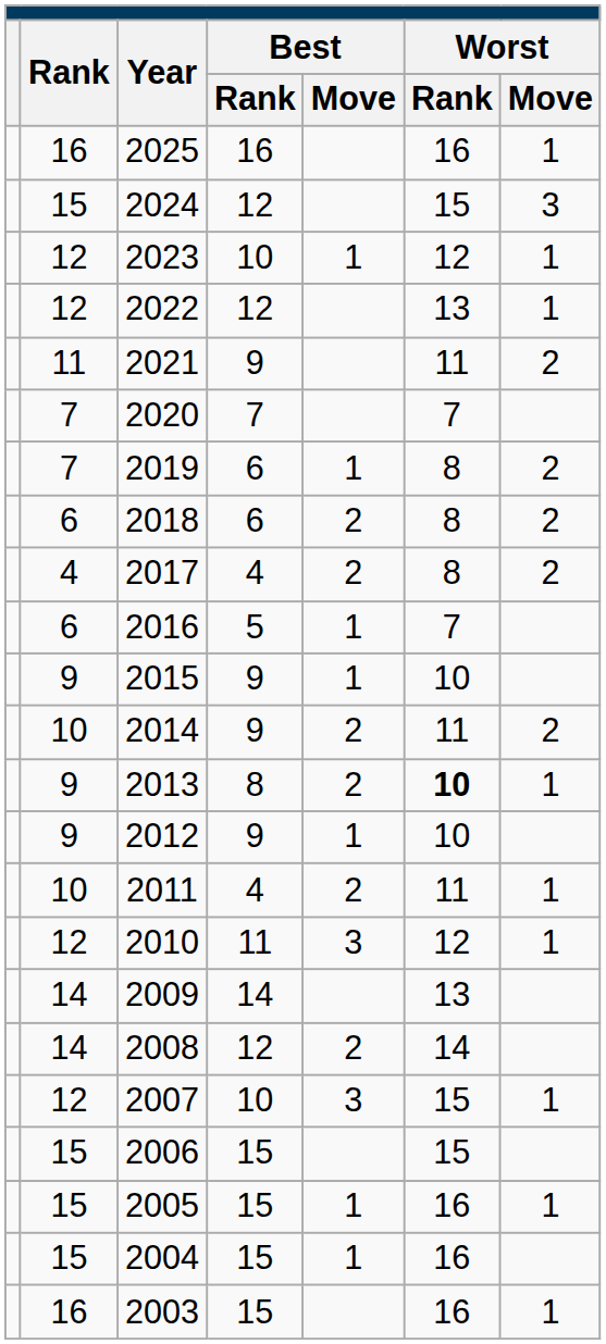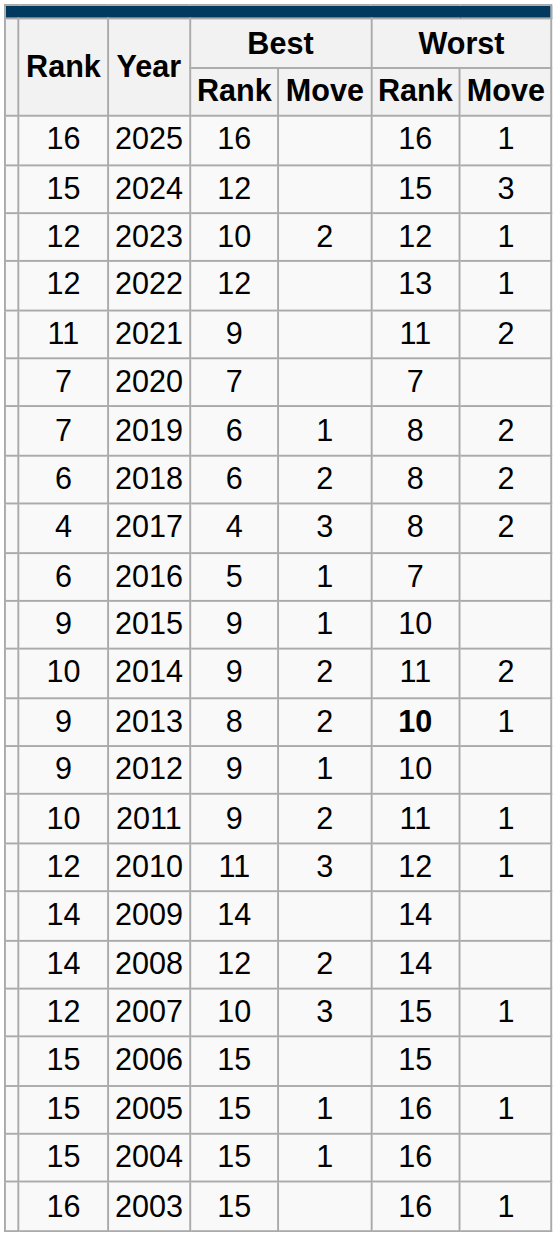 <table class="wikitable sortable" style="text-align:center;">
 <tr>
 <th colspan=12 style="background: #013A5E; color: #FFFFFF;"><a href='#'></a></th>
 </tr>
 <tr>
 <th rowspan=2></th>
 <th rowspan=2>Rank</th>
 <th rowspan=2>Year</th>
 <th colspan=2>Best</th>
 <th colspan=2>Worst</th>
 </tr>
 <tr>
 <th>Rank</th>
 <th>Move</th>
 <th>Rank</th>
 <th>Move</th>
 </tr>
 <tr>
 <td></td>
 <td>16</td>
 <td>2025</td>
 <td>16</td>
 <td align=centre></td>
 <td>16</td>
 <td align=centre> 1</td>
 </tr>
 <tr>
 <td></td>
 <td>15</td>
 <td>2024</td>
 <td>12</td>
 <td align=centre></td>
 <td>15</td>
 <td align=centre> 3</td>
 </tr>
 <tr>
 <td></td>
 <td>12</td>
 <td>2023</td>
 <td>10</td>
-<td align=centre> 1</td>
+<td align=centre> 2</td>
 <td>12</td>
 <td align="centre"> 1</td>
 </tr>
 <tr>
 <td></td>
 <td>12</td>
 <td>2022</td>
 <td>12</td>
 <td align=centre></td>
 <td>13</td>
 <td align="centre"> 1</td>
 </tr>
 <tr>
 <td></td>
 <td>11</td>
 <td>2021</td>
 <td>9</td>
 <td align=centre></td>
 <td>11</td>
 <td align=centre> 2</td>
 </tr>
 <tr>
 <td></td>
 <td>7</td>
 <td>2020</td>
 <td>7</td>
 <td align=centre></td>
 <td>7</td>
 <td align=centre></td>
 </tr>
 <tr>
 <td></td>
 <td>7</td>
 <td>2019</td>
 <td>6</td>
 <td align=centre> 1</td>
 <td>8</td>
 <td align=centre> 2</td>
 </tr>
 <tr>
 <td></td>
 <td>6</td>
 <td>2018</td>
 <td>6</td>
 <td align=centre> 2</td>
 <td>8</td>
 <td align=centre> 2</td>
 </tr>
 <tr>
 <td></td>
 <td>4</td>
 <td>2017</td>
 <td>4</td>
-<td align=centre> 2</td>
+<td align=centre> 3</td>
 <td>8</td>
 <td align=centre> 2</td>
 </tr>
 <tr>
 <td></td>
 <td>6</td>
 <td>2016</td>
 <td>5</td>
 <td align=centre> 1</td>
 <td>7</td>
 <td align=centre></td>
 </tr>
 <tr>
 <td></td>
 <td>9</td>
 <td>2015</td>
 <td>9</td>
 <td align=centre> 1</td>
 <td>10</td>
 <td align=centre></td>
 </tr>
 <tr>
 <td></td>
 <td>10</td>
 <td>2014</td>
 <td>9</td>
 <td align=centre> 2</td>
 <td>11</td>
 <td align=centre> 2</td>
 </tr>
 <tr>
 <td></td>
 <td>9</td>
 <td>2013</td>
 <td>8</td>
 <td align=centre> 2</td>
 <td><strong>10</strong></td>
 <td align=centre> 1</td>
 </tr>
 <tr>
 <td></td>
 <td>9</td>
 <td>2012</td>
 <td>9</td>
 <td align=centre> 1</td>
 <td>10</td>
 <td align=centre></td>
 </tr>
 <tr>
 <td></td>
 <td>10</td>
 <td>2011</td>
-<td>4</td>
+<td>9</td>
 <td align=centre> 2</td>
 <td>11</td>
 <td align=centre> 1</td>
 </tr>
 <tr>
 <td></td>
 <td>12</td>
 <td>2010</td>
 <td>11</td>
 <td align=centre> 3</td>
 <td>12</td>
 <td align=centre> 1</td>
 </tr>
 <tr>
 <td></td>
 <td>14</td>
 <td>2009</td>
 <td>14</td>
 <td align=centre></td>
-<td>13</td>
+<td>14</td>
 <td align=centre></td>
 </tr>
 <tr>
 <td></td>
 <td>14</td>
 <td>2008</td>
 <td>12</td>
 <td align=centre> 2</td>
 <td>14</td>
 <td align=centre></td>
 </tr>
 <tr>
 <td></td>
 <td>12</td>
 <td>2007</td>
 <td>10</td>
 <td align=centre> 3</td>
 <td>15</td>
 <td align=centre> 1</td>
 </tr>
 <tr>
 <td></td>
 <td>15</td>
 <td>2006</td>
 <td>15</td>
 <td align=centre></td>
 <td>15</td>
 <td align=centre></td>
 </tr>
 <tr>
 <td></td>
 <td>15</td>
 <td>2005</td>
 <td>15</td>
 <td align=centre> 1</td>
 <td>16</td>
 <td align=centre> 1</td>
 </tr>
 <tr>
 <td></td>
 <td>15</td>
 <td>2004</td>
 <td>15</td>
 <td align=centre> 1</td>
 <td>16</td>
 <td align=centre></td>
 </tr>
 <tr>
 <td></td>
 <td>16</td>
 <td>2003</td>
 <td>15</td>
 <td align=centre></td>
 <td>16</td>
 <td align=centre> 1</td>
 </tr>
 </table>
